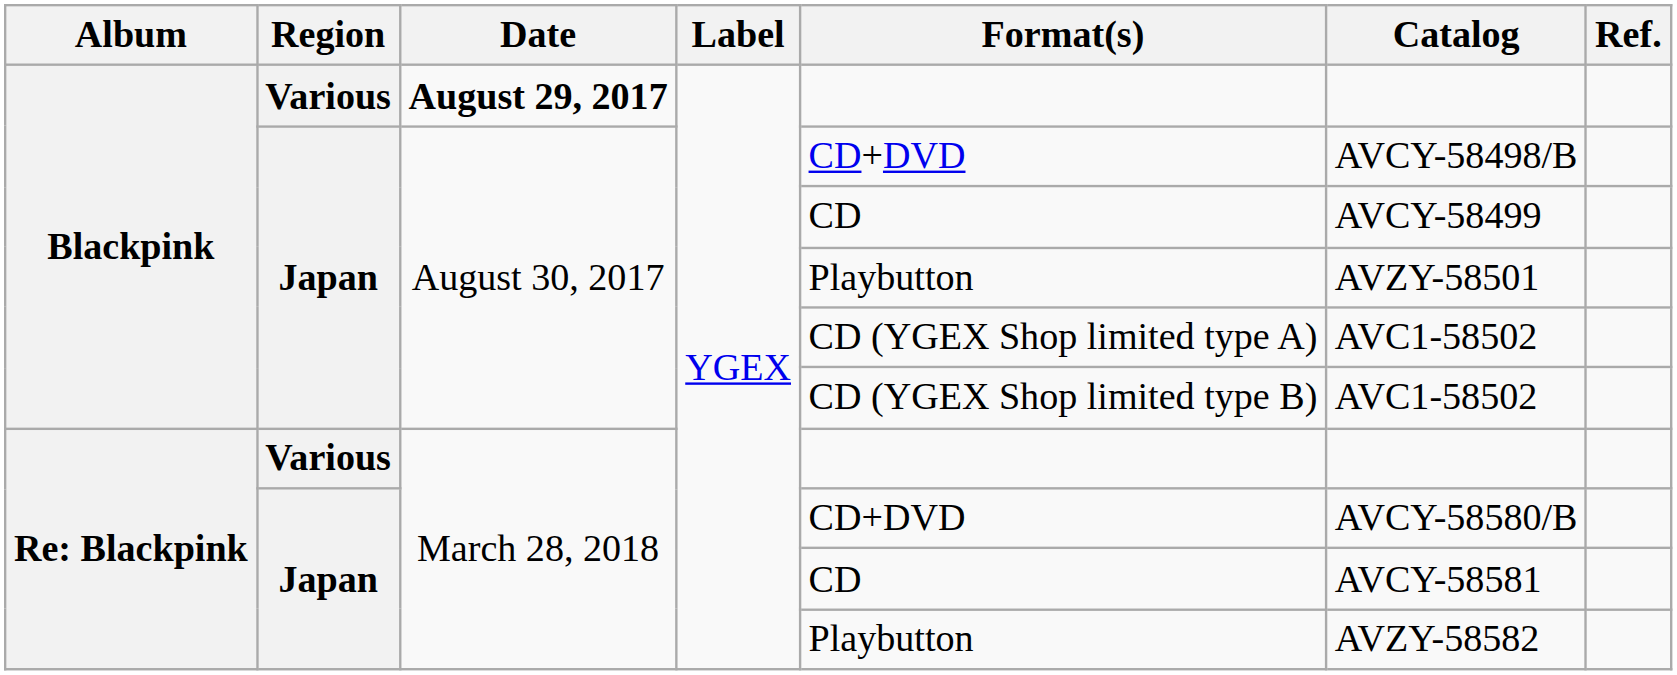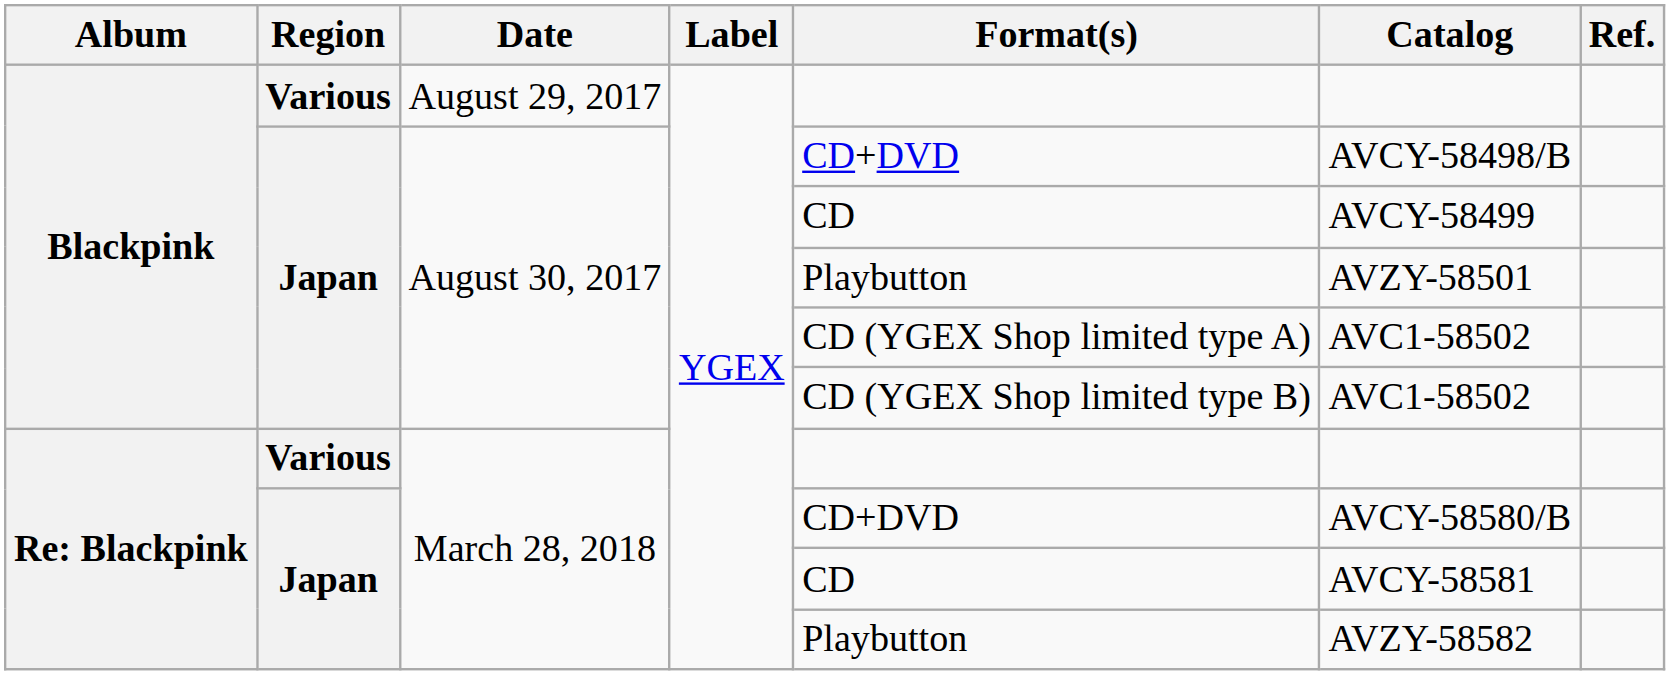 <table class="wikitable plainrowheaders">
 <tr>
 <th scope="col">Album</th>
 <th scope="col">Region</th>
 <th scope="col">Date</th>
 <th scope="col">Label</th>
 <th scope="col">Format(s)</th>
 <th scope="col">Catalog</th>
 <th scope="col">Ref.</th>
 </tr>
 <tr>
 <th scope="col" rowspan="6">Blackpink</th>
 <th scope="row">Various</th>
-<td align="center"><strong>August 29, 2017</strong></td>
+<td align="center">August 29, 2017</td>
 <td rowspan="12"><a href='#'>YGEX</a></td>
 <td></td>
 <td></td>
 <td align="center"></td>
 </tr>
 <tr>
 <th scope="row" rowspan="5">Japan</th>
 <td align="center" rowspan="5">August 30, 2017</td>
 <td><a href='#'>CD</a>+<a href='#'>DVD</a></td>
 <td>AVCY-58498/B</td>
 <td align="center"></td>
 </tr>
 <tr>
 <td>CD</td>
 <td>AVCY-58499</td>
 <td align="center"></td>
 </tr>
 <tr>
 <td>Playbutton</td>
 <td>AVZY-58501</td>
 <td align="center"></td>
 </tr>
 <tr>
 <td>CD (YGEX Shop limited type A)</td>
 <td>AVC1-58502</td>
 <td align="center"></td>
 </tr>
 <tr>
 <td>CD (YGEX Shop limited type B)</td>
 <td>AVC1-58502</td>
 <td align="center"></td>
 </tr>
 <tr>
 <th scope="col" rowspan="4">Re: Blackpink</th>
 <th scope="row">Various</th>
 <td align="center" rowspan="4">March 28, 2018</td>
 <td></td>
 <td></td>
 <td align="center"></td>
 </tr>
 <tr>
 <th scope="row" rowspan="3">Japan</th>
 <td>CD+DVD</td>
 <td>AVCY-58580/B</td>
 <td align="center"></td>
 </tr>
 <tr>
 <td>CD</td>
 <td>AVCY-58581</td>
 <td align="center"></td>
 </tr>
 <tr>
 <td>Playbutton</td>
 <td>AVZY-58582</td>
 <td align="center"></td>
 </tr>
 </table>
